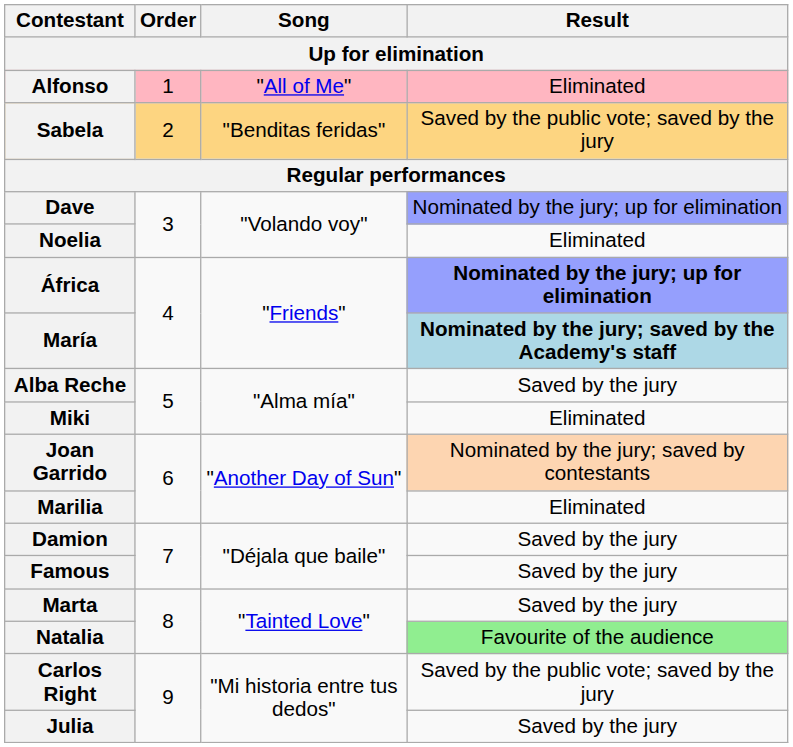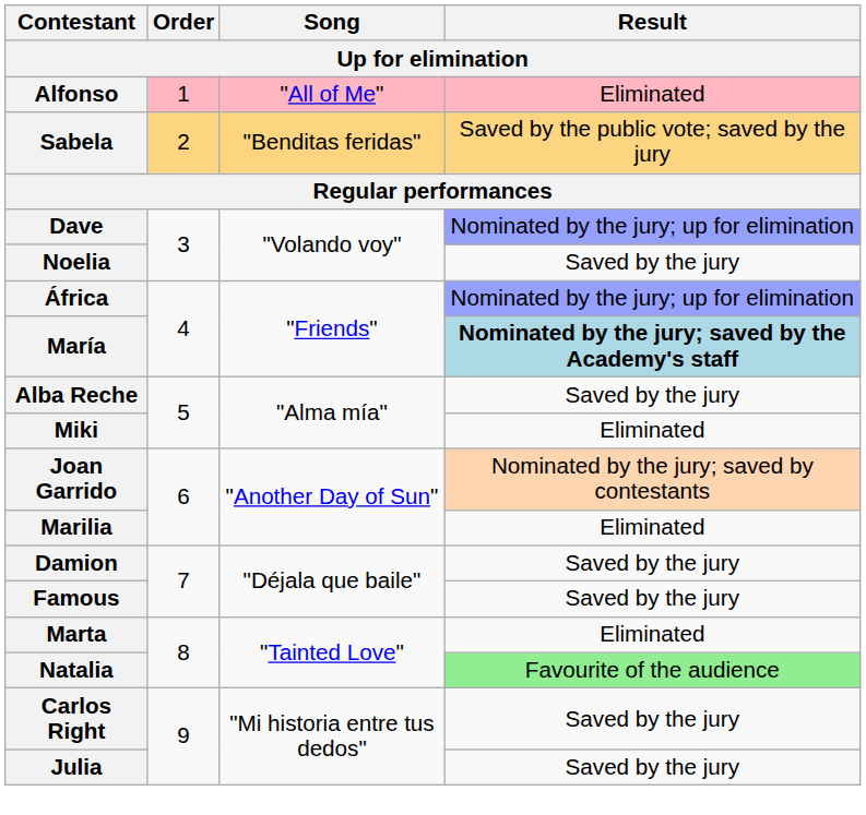 <table class="wikitable plainrowheaders" style="text-align:center;">
 <tr>
 <th scope="col">Contestant</th>
 <th scope="col">Order</th>
 <th scope="col">Song</th>
 <th scope="col">Result</th>
 </tr>
 <tr>
 <th colspan="4">Up for elimination</th>
 </tr>
 <tr style="background:lightpink">
 <th scope="row">Alfonso</th>
 <td>1</td>
 <td>"<a href='#'>All of Me</a>"</td>
 <td>Eliminated</td>
 </tr>
 <tr style="background:#fdd581;">
 <th scope="row">Sabela</th>
 <td>2</td>
 <td>"Benditas feridas"</td>
 <td>Saved by the public vote; saved by the jury</td>
 </tr>
 <tr>
 <th colspan="4">Regular performances</th>
 </tr>
 <tr>
 <th scope="row">Dave</th>
 <td rowspan="2">3</td>
 <td rowspan="2">"Volando voy"</td>
 <td style="background:#959ffd;">Nominated by the jury; up for elimination</td>
 </tr>
 <tr>
 <th scope="row">Noelia</th>
-<td>Eliminated</td>
+<td>Saved by the jury</td>
 </tr>
 <tr>
 <th scope="row">África</th>
 <td rowspan="2">4</td>
 <td rowspan="2">"<a href='#'>Friends</a>"</td>
-<td style="background:#959ffd;"><strong>Nominated by the jury; up for elimination</strong></td>
+<td style="background:#959ffd;">Nominated by the jury; up for elimination</td>
 </tr>
 <tr>
 <th scope="row">María</th>
 <td style="background:lightblue;"><strong>Nominated by the jury; saved by the Academy's staff</strong></td>
 </tr>
 <tr>
 <th scope="row">Alba Reche</th>
 <td rowspan="2">5</td>
 <td rowspan="2">"Alma mía"</td>
 <td>Saved by the jury</td>
 </tr>
 <tr>
 <th scope="row">Miki</th>
 <td>Eliminated</td>
 </tr>
 <tr>
 <th scope="row">Joan Garrido</th>
 <td rowspan="2">6</td>
 <td rowspan="2">"<a href='#'>Another Day of Sun</a>"</td>
 <td style="background:#fdd5b1;">Nominated by the jury; saved by contestants</td>
 </tr>
 <tr>
 <th scope="row">Marilia</th>
 <td>Eliminated</td>
 </tr>
 <tr>
 <th scope="row">Damion</th>
 <td rowspan="2">7</td>
 <td rowspan="2">"Déjala que baile"</td>
 <td>Saved by the jury</td>
 </tr>
 <tr>
 <th scope="row">Famous</th>
 <td>Saved by the jury</td>
 </tr>
 <tr>
 <th scope="row">Marta</th>
 <td rowspan="2">8</td>
 <td rowspan="2">"<a href='#'>Tainted Love</a>"</td>
-<td>Saved by the jury</td>
+<td>Eliminated</td>
 </tr>
 <tr>
 <th scope="row">Natalia</th>
 <td style="background:lightgreen;">Favourite of the audience</td>
 </tr>
 <tr>
 <th scope="row">Carlos Right</th>
 <td rowspan="2">9</td>
 <td rowspan="2">"Mi historia entre tus dedos"</td>
-<td>Saved by the public vote; saved by the jury</td>
+<td>Saved by the jury</td>
 </tr>
 <tr>
 <th scope="row">Julia</th>
 <td>Saved by the jury</td>
 </tr>
 </table>
